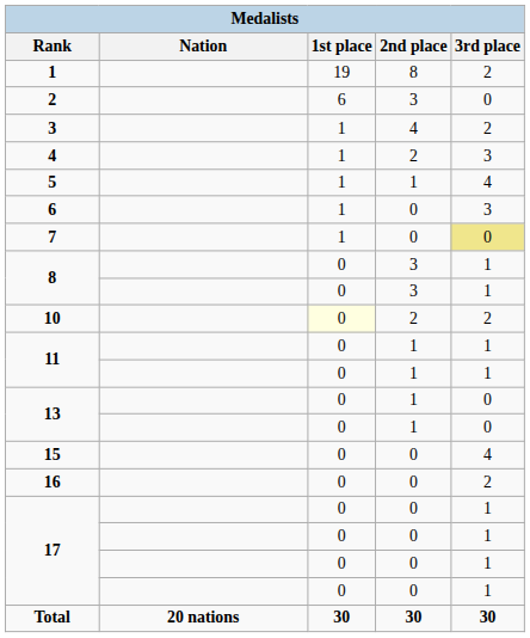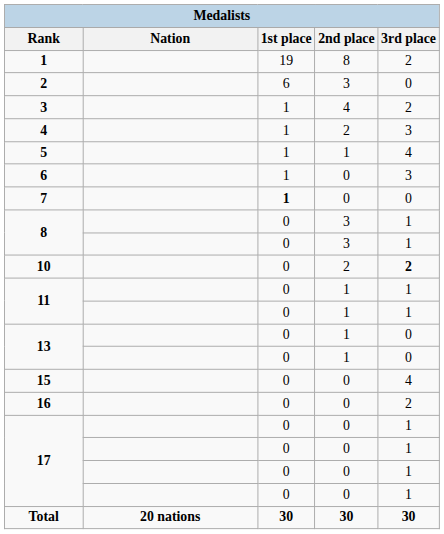 <table class="wikitable" style="text-align:center; font-size:90%">
 <tr>
 <td colspan="6" style="background:#BCD4E6"><strong>Medalists</strong></td>
 </tr>
 <tr>
 </tr>
 <tr style="background-color:#EDEDED;">
 <th width="75px" class="hintergrundfarbe5">Rank</th>
 <th width="175px" class="hintergrundfarbe6">Nation</th>
 <th>1st place</th>
 <th>2nd place</th>
 <th>3rd place</th>
 </tr>
 <tr>
 <td><strong>1</strong></td>
 <td align=left></td>
 <td>19</td>
 <td>8</td>
 <td>2</td>
 </tr>
 <tr>
 <td><strong>2</strong></td>
 <td align=left><em></em></td>
 <td>6</td>
 <td>3</td>
 <td>0</td>
 </tr>
 <tr>
 <td><strong>3</strong></td>
 <td align=left></td>
 <td>1</td>
 <td>4</td>
 <td>2</td>
 </tr>
 <tr>
 <td><strong>4</strong></td>
 <td align=left></td>
 <td>1</td>
 <td>2</td>
 <td>3</td>
 </tr>
 <tr>
 <td><strong>5</strong></td>
 <td align=left></td>
 <td>1</td>
 <td>1</td>
 <td>4</td>
 </tr>
 <tr>
 <td><strong>6</strong></td>
 <td align=left></td>
 <td>1</td>
 <td>0</td>
 <td>3</td>
 </tr>
 <tr>
 <td><strong>7</strong></td>
 <td align=left><em></em></td>
-<td>1</td>
+<td><strong>1</strong></td>
 <td>0</td>
-<td style="background: khaki;">0</td>
+<td>0</td>
 </tr>
 <tr>
 <td rowspan=2><strong>8</strong></td>
 <td align=left></td>
 <td>0</td>
 <td>3</td>
 <td>1</td>
 </tr>
 <tr>
 <td align=left><em></em></td>
 <td>0</td>
 <td>3</td>
 <td>1</td>
 </tr>
 <tr>
 <td><strong>10</strong></td>
 <td align=left></td>
-<td style="background: lightyellow;">0</td>
+<td>0</td>
 <td>2</td>
-<td>2</td>
+<td><strong>2</strong></td>
 </tr>
 <tr>
 <td rowspan=2><strong>11</strong></td>
 <td align=left></td>
 <td>0</td>
 <td>1</td>
 <td>1</td>
 </tr>
 <tr>
 <td align=left></td>
 <td>0</td>
 <td>1</td>
 <td>1</td>
 </tr>
 <tr>
 <td rowspan=2><strong>13</strong></td>
 <td align=left></td>
 <td>0</td>
 <td>1</td>
 <td>0</td>
 </tr>
 <tr>
 <td align=left></td>
 <td>0</td>
 <td>1</td>
 <td>0</td>
 </tr>
 <tr>
 <td><strong>15</strong></td>
 <td align=left></td>
 <td>0</td>
 <td>0</td>
 <td>4</td>
 </tr>
 <tr>
 <td><strong>16</strong></td>
 <td align=left></td>
 <td>0</td>
 <td>0</td>
 <td>2</td>
 </tr>
 <tr>
 <td rowspan=4><strong>17</strong></td>
 <td align=left></td>
 <td>0</td>
 <td>0</td>
 <td>1</td>
 </tr>
 <tr>
 <td align=left></td>
 <td>0</td>
 <td>0</td>
 <td>1</td>
 </tr>
 <tr>
 <td align=left></td>
 <td>0</td>
 <td>0</td>
 <td>1</td>
 </tr>
 <tr>
 <td align=left><em></em></td>
 <td>0</td>
 <td>0</td>
 <td>1</td>
 </tr>
 <tr>
 <td><strong>Total</strong></td>
 <td><strong>20 nations</strong></td>
 <td><strong>30</strong></td>
 <td><strong>30</strong></td>
 <td><strong>30</strong></td>
 </tr>
 </table>
